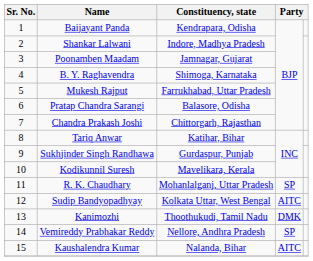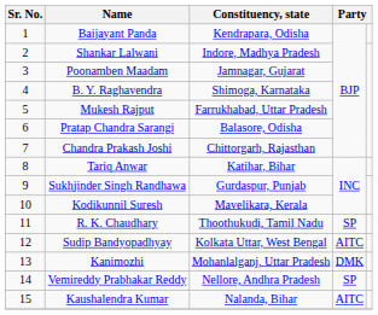 <table class="wikitable">
 <tr>
 <th>Sr. No.</th>
 <th>Name</th>
 <th>Constituency, state</th>
 <th colspan="2">Party</th>
 </tr>
 <tr align="center">
 <td>1</td>
 <td><a href='#'>Baijayant Panda</a></td>
 <td><a href='#'>Kendrapara, Odisha</a></td>
 <td rowspan="7"><a href='#'>BJP</a></td>
 <td></td>
 </tr>
 <tr align="center">
 <td>2</td>
 <td><a href='#'>Shankar Lalwani</a></td>
 <td><a href='#'>Indore, Madhya Pradesh</a></td>
 </tr>
 <tr align="center">
 <td>3</td>
 <td><a href='#'>Poonamben Maadam</a></td>
 <td><a href='#'>Jamnagar, Gujarat</a></td>
 </tr>
 <tr align="center">
 <td>4</td>
 <td><a href='#'>B. Y. Raghavendra</a></td>
 <td><a href='#'>Shimoga, Karnataka</a></td>
 </tr>
 <tr align="center">
 <td>5</td>
 <td><a href='#'>Mukesh Rajput</a></td>
 <td><a href='#'>Farrukhabad, Uttar Pradesh</a></td>
 </tr>
 <tr align="center">
 <td>6</td>
 <td><a href='#'>Pratap Chandra Sarangi</a></td>
 <td><a href='#'>Balasore, Odisha</a></td>
 </tr>
 <tr align="center">
 <td>7</td>
 <td><a href='#'>Chandra Prakash Joshi</a></td>
 <td><a href='#'>Chittorgarh, Rajasthan</a></td>
 </tr>
 <tr align="center">
 <td>8</td>
 <td><a href='#'>Tariq Anwar</a></td>
 <td><a href='#'>Katihar, Bihar</a></td>
 <td rowspan="3"><a href='#'>INC</a></td>
 <td></td>
 </tr>
 <tr align="center">
 <td>9</td>
 <td><a href='#'>Sukhjinder Singh Randhawa</a></td>
 <td><a href='#'>Gurdaspur, Punjab</a></td>
 </tr>
 <tr align="center">
 <td>10</td>
 <td><a href='#'>Kodikunnil Suresh</a></td>
 <td><a href='#'>Mavelikara, Kerala</a></td>
 </tr>
 <tr align="center">
 <td>11</td>
 <td><a href='#'>R. K. Chaudhary</a></td>
-<td><a href='#'>Mohanlalganj, Uttar Pradesh</a></td>
+<td><a href='#'>Thoothukudi, Tamil Nadu</a></td>
 <td><a href='#'>SP</a></td>
 <td></td>
 </tr>
 <tr align="center">
 <td>12</td>
 <td><a href='#'>Sudip Bandyopadhyay</a></td>
 <td><a href='#'>Kolkata Uttar, West Bengal</a></td>
 <td><a href='#'>AITC</a></td>
 <td></td>
 </tr>
 <tr align="center">
 <td>13</td>
 <td><a href='#'>Kanimozhi</a></td>
-<td><a href='#'>Thoothukudi, Tamil Nadu</a></td>
+<td><a href='#'>Mohanlalganj, Uttar Pradesh</a></td>
 <td><a href='#'>DMK</a></td>
 <td></td>
 </tr>
 <tr align="center">
 <td>14</td>
 <td><a href='#'>Vemireddy Prabhakar Reddy</a></td>
 <td><a href='#'>Nellore, Andhra Pradesh</a></td>
 <td><a href='#'>SP</a></td>
 <td></td>
 </tr>
 <tr align="center">
 <td>15</td>
 <td><a href='#'>Kaushalendra Kumar</a></td>
 <td><a href='#'>Nalanda, Bihar</a></td>
 <td><a href='#'>AITC</a></td>
 <td></td>
 </tr>
 <tr align="center">
 </tr>
 </table>
